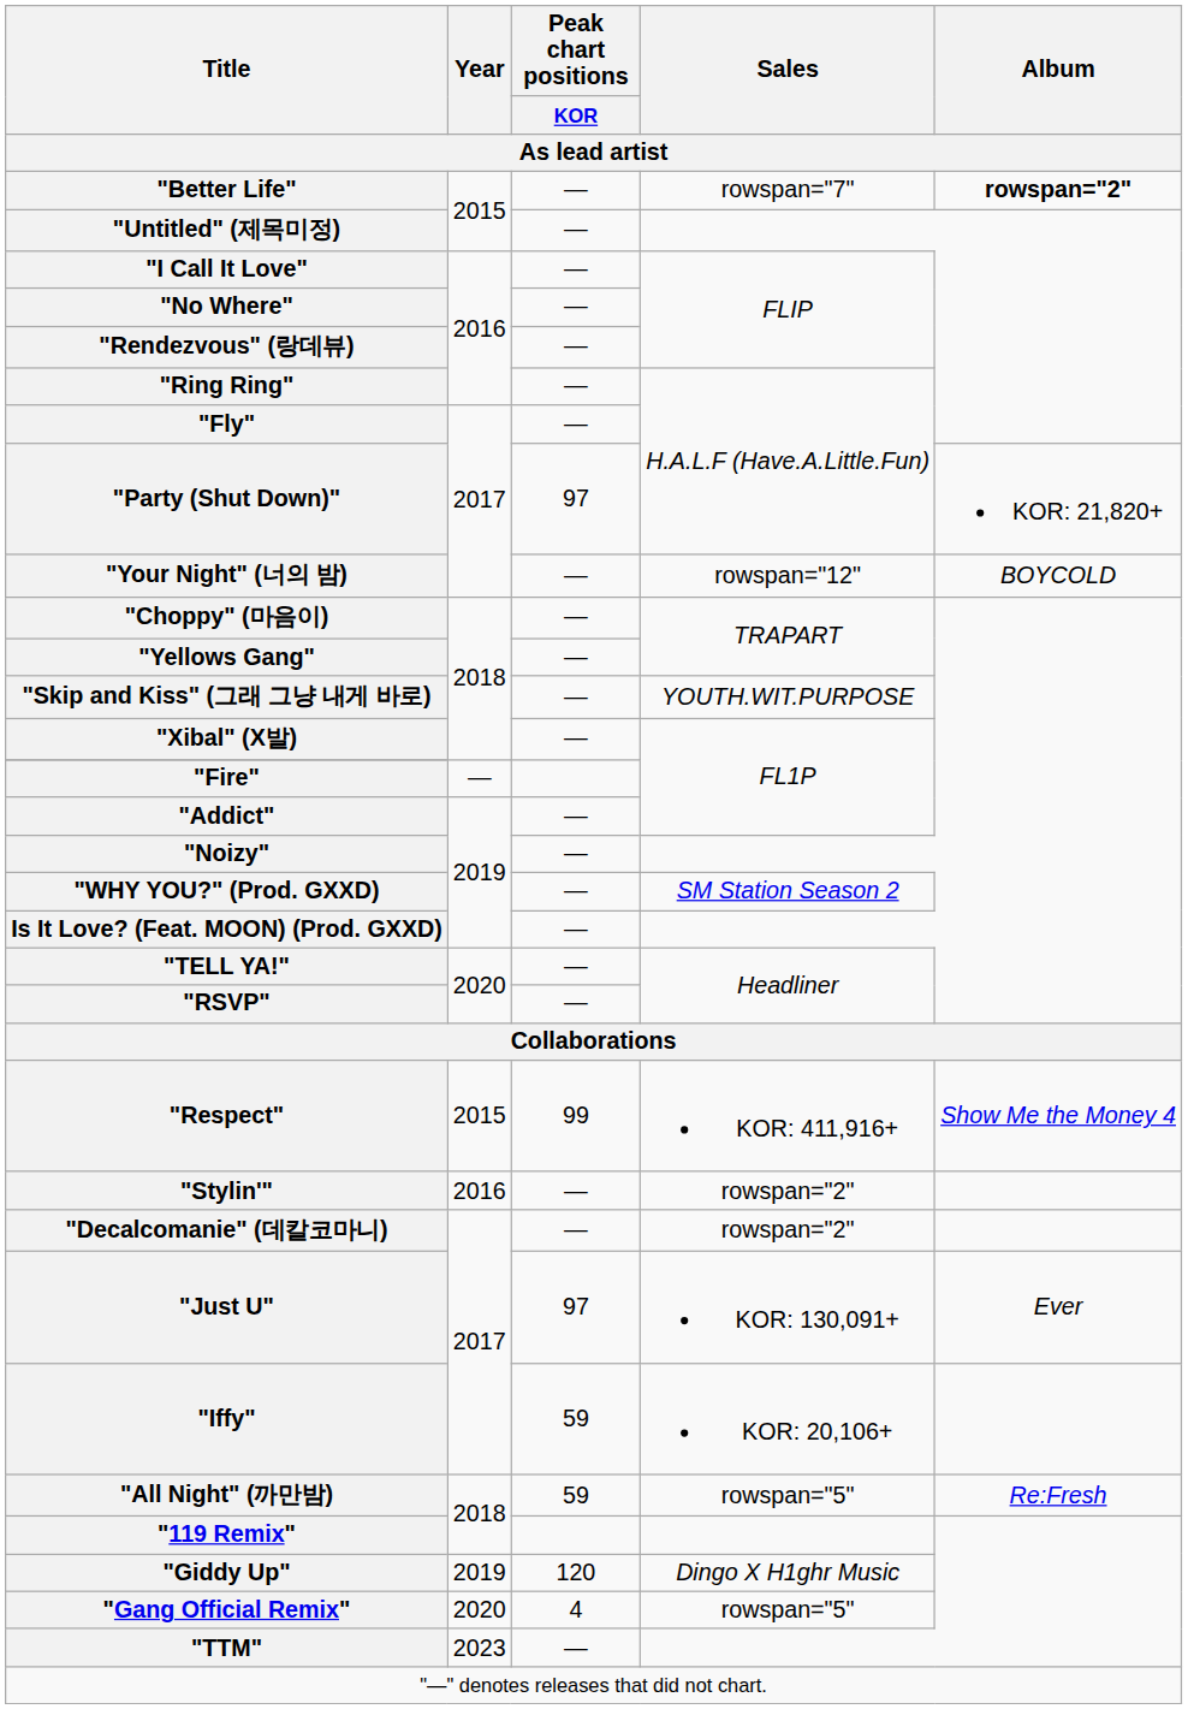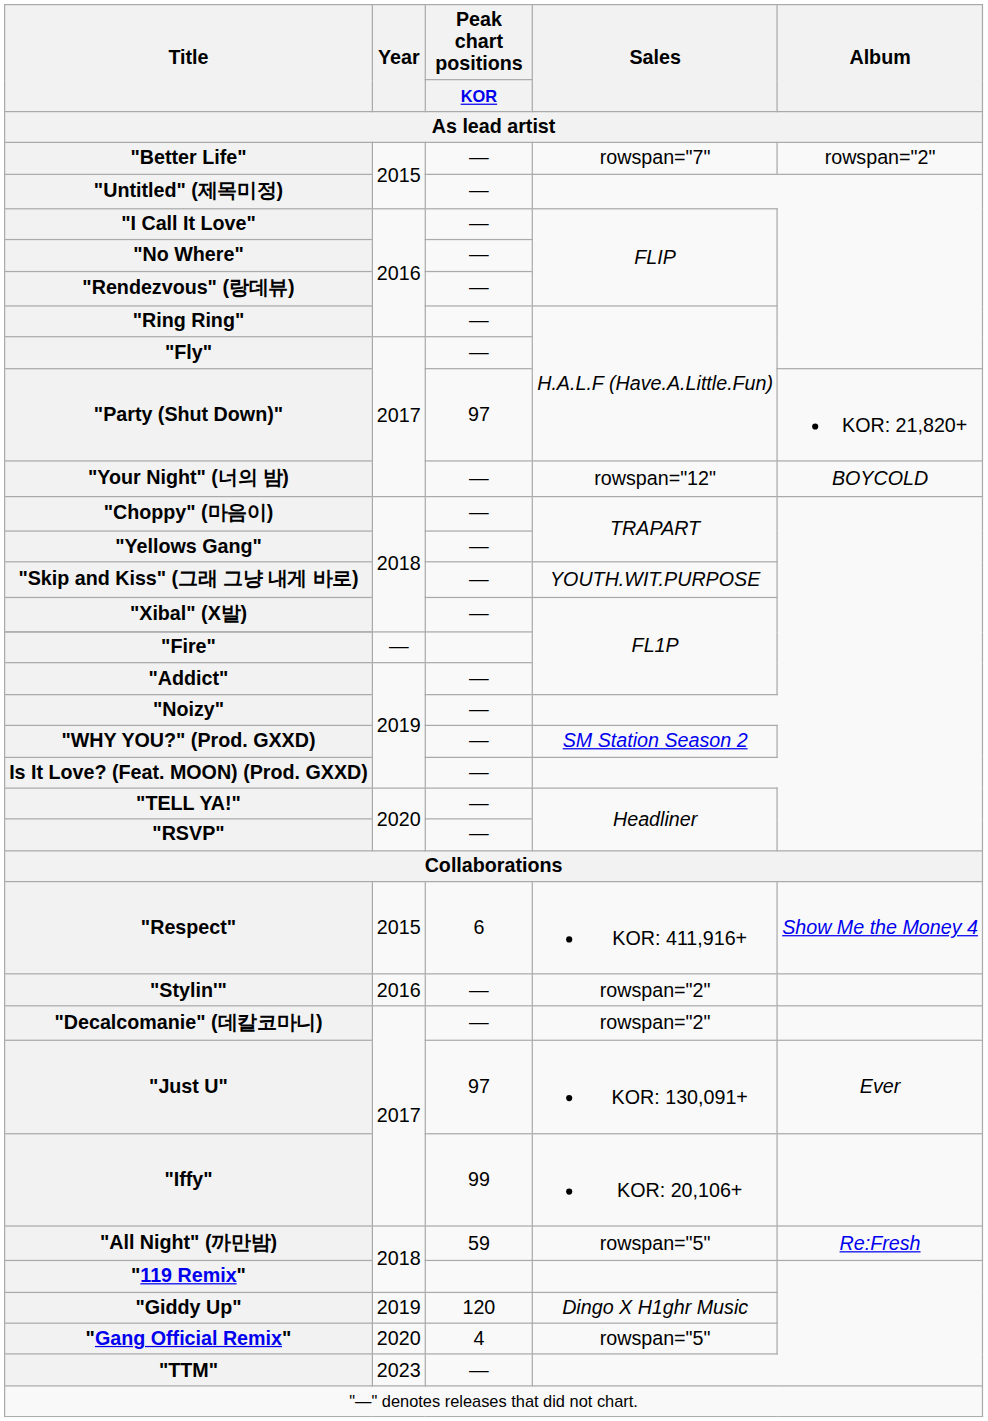 <table class="wikitable plainrowheaders" style="text-align:center;">
 <tr>
 <th scope="col" rowspan="2">Title</th>
 <th scope="col" rowspan="2">Year</th>
 <th scope="col" colspan="1" style="width:5em;">Peak chart positions</th>
 <th scope="col" rowspan="2">Sales</th>
 <th scope="col" rowspan="2">Album</th>
 </tr>
 <tr>
 <th><small><a href='#'>KOR</a></small><br></th>
 </tr>
 <tr>
 <th colspan="5">As lead artist</th>
 </tr>
 <tr>
 <th scope="row">"Better Life"</th>
 <td rowspan="2">2015</td>
 <td>—</td>
 <td>rowspan="7" </td>
-<td><strong>rowspan="2" </strong></td>
+<td>rowspan="2" </td>
 </tr>
 <tr>
 <th scope="row">"Untitled" (제목미정)<br></th>
 <td>—</td>
 </tr>
 <tr>
 <th scope="row">"I Call It Love"</th>
 <td rowspan="4">2016</td>
 <td>—</td>
 <td rowspan="3"><em>FLIP</em></td>
 </tr>
 <tr>
 <th scope="row">"No Where"<br></th>
 <td>—</td>
 </tr>
 <tr>
 <th scope="row">"Rendezvous" (랑데뷰)</th>
 <td>—</td>
 </tr>
 <tr>
 <th scope="row">"Ring Ring"<br></th>
 <td>—</td>
 <td rowspan="3"><em>H.A.L.F (Have.A.Little.Fun)</em></td>
 </tr>
 <tr>
 <th scope="row">"Fly"</th>
 <td rowspan="3">2017</td>
 <td>—</td>
 </tr>
 <tr>
 <th scope="row">"Party (Shut Down)"<br></th>
 <td>97</td>
 <td><br><ul><li>KOR: 21,820+</li></ul></td>
 </tr>
 <tr>
 <th scope="row">"Your Night" (너의 밤)</th>
 <td>—</td>
 <td>rowspan="12" </td>
 <td><em>BOYCOLD</em></td>
 </tr>
 <tr>
 <th scope="row">"Choppy" (마음이)<br></th>
 <td rowspan="5">2018</td>
 <td>—</td>
 <td rowspan="2"><em>TRAPART</em></td>
 </tr>
 <tr>
 <th scope="row">"Yellows Gang"<br></th>
 <td>—</td>
 </tr>
 <tr>
 <th scope="row">"Skip and Kiss" (그래 그냥 내게 바로)</th>
 <td>—</td>
 <td rowspan="1"><em>YOUTH.WIT.PURPOSE</em></td>
 </tr>
 <tr>
 <th scope="row">"Xibal" (X발)</th>
 <td>—</td>
 <td rowspan="4"><em>FL1P</em></td>
 </tr>
 <tr>
 </tr>
 <tr>
 <th scope="row">"Fire"</th>
 <td>—</td>
 </tr>
 <tr>
 <th scope="row">"Addict"</th>
 <td rowspan="4">2019</td>
 <td>—</td>
 </tr>
 <tr>
 <th scope="row">"Noizy"</th>
 <td>—</td>
 </tr>
 <tr>
 <th scope="row">"WHY YOU?" (Prod. GXXD)</th>
 <td>—</td>
 <td><em><a href='#'>SM Station Season 2</a></em></td>
 </tr>
 <tr>
 <th scope="row">Is It Love? (Feat. MOON) (Prod. GXXD)</th>
 <td>—</td>
 </tr>
 <tr>
 <th scope="row">"TELL YA!"</th>
 <td rowspan="2">2020</td>
 <td>—</td>
 <td rowspan="2"><em>Headliner</em></td>
 </tr>
 <tr>
 <th scope="row">"RSVP"</th>
 <td>—</td>
 </tr>
 <tr>
 <th colspan="5">Collaborations</th>
 </tr>
 <tr>
 <th scope="row">"Respect"<br></th>
 <td>2015</td>
-<td>99</td>
+<td>6</td>
 <td><br><ul><li>KOR: 411,916+</li></ul></td>
 <td><em><a href='#'>Show Me the Money 4</a></em></td>
 </tr>
 <tr>
 <th scope="row">"Stylin'"<br></th>
 <td>2016</td>
 <td>—</td>
 <td>rowspan="2" </td>
 <td></td>
 </tr>
 <tr>
 <th scope="row">"Decalcomanie" (데칼코마니)<br></th>
 <td rowspan="3">2017</td>
 <td>—</td>
 <td>rowspan="2" </td>
 </tr>
 <tr>
 <th scope="row">"Just U"<br></th>
 <td>97</td>
 <td><br><ul><li>KOR: 130,091+</li></ul></td>
 <td><em>Ever</em></td>
 </tr>
 <tr>
 <th scope="row">"Iffy"<br></th>
-<td>59</td>
+<td>99</td>
 <td><br><ul><li>KOR: 20,106+</li></ul></td>
 <td></td>
 </tr>
 <tr>
 <th scope="row">"All Night" (까만밤)<br></th>
 <td rowspan="2">2018</td>
 <td>59</td>
 <td>rowspan="5" </td>
 <td><em><a href='#'>Re:Fresh</a></em></td>
 </tr>
 <tr>
 <th scope="row">"<a href='#'>119 Remix</a>" <br></th>
 <td></td>
 <td></td>
 </tr>
 <tr>
 <th scope="row">"Giddy Up"<br></th>
 <td>2019</td>
 <td>120</td>
 <td><em>Dingo X H1ghr Music</em></td>
 </tr>
 <tr>
 <th scope="row">"<a href='#'>Gang Official Remix</a>"<br></th>
 <td>2020</td>
 <td>4</td>
 <td>rowspan="5" </td>
 </tr>
 <tr>
 <th scope="row">"TTM"<br></th>
 <td>2023</td>
 <td>—</td>
 </tr>
 <tr>
 <td colspan="5"><small>"—" denotes releases that did not chart.</small></td>
 </tr>
 </table>
